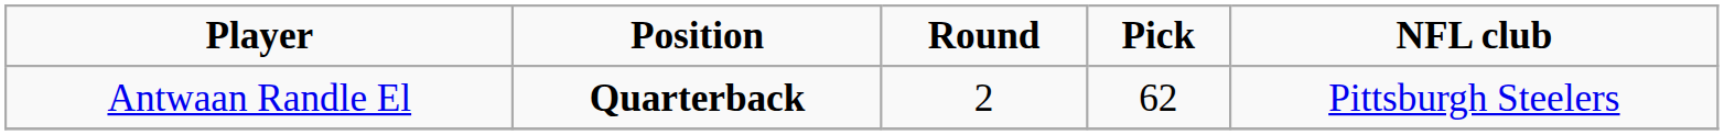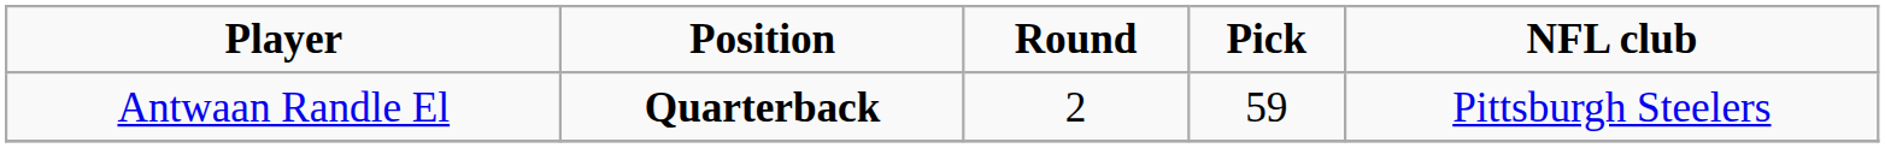 <table class="wikitable" width="80%">
 <tr align="center">
 <td><strong>Player</strong></td>
 <td><strong>Position</strong></td>
 <td><strong>Round</strong></td>
 <td><strong>Pick</strong></td>
 <td><strong>NFL club</strong></td>
 </tr>
 <tr align="center" bgcolor="">
 <td><a href='#'>Antwaan Randle El</a></td>
 <td><strong>Quarterback</strong></td>
 <td>2</td>
-<td>62</td>
+<td>59</td>
 <td><a href='#'>Pittsburgh Steelers</a></td>
 </tr>
 <tr align="center" bgcolor="">
 </tr>
 </table>
